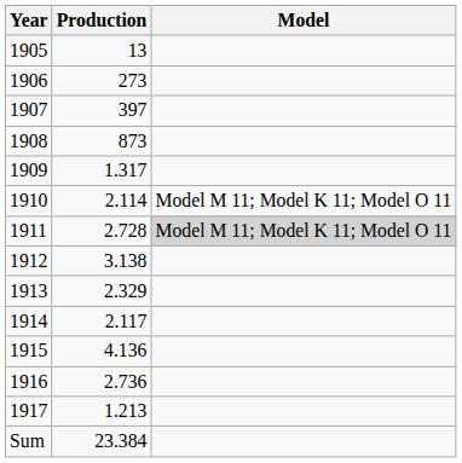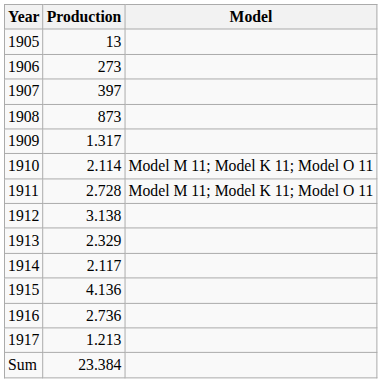 <table class="wikitable sortable">
 <tr>
 <th>Year</th>
 <th>Production</th>
 <th>Model</th>
 </tr>
 <tr>
 <td>1905</td>
 <td align="right">13</td>
 <td></td>
 </tr>
 <tr>
 <td>1906</td>
 <td align="right">273</td>
 <td></td>
 </tr>
 <tr>
 <td>1907</td>
 <td align="right">397</td>
 <td></td>
 </tr>
 <tr>
 <td>1908</td>
 <td align="right">873</td>
 <td></td>
 </tr>
 <tr>
 <td>1909</td>
 <td align="right">1.317</td>
 <td></td>
 </tr>
 <tr>
 <td>1910</td>
 <td align="right">2.114</td>
 <td>Model M 11; Model K 11; Model O 11 </td>
 </tr>
 <tr>
 <td>1911</td>
 <td align="right">2.728</td>
-<td style="background: lightgrey;">Model M 11; Model K 11; Model O 11</td>
+<td>Model M 11; Model K 11; Model O 11</td>
 </tr>
 <tr>
 <td>1912</td>
 <td align="right">3.138</td>
 <td></td>
 </tr>
 <tr>
 <td>1913</td>
 <td align="right">2.329</td>
 <td></td>
 </tr>
 <tr>
 <td>1914</td>
 <td align="right">2.117</td>
 <td></td>
 </tr>
 <tr>
 <td>1915</td>
 <td align="right">4.136</td>
 <td></td>
 </tr>
 <tr>
 <td>1916</td>
 <td align="right">2.736</td>
 <td></td>
 </tr>
 <tr>
 <td>1917</td>
 <td align="right">1.213</td>
 <td></td>
 </tr>
 <tr>
 <td>Sum</td>
 <td align="right">23.384 </td>
 </tr>
 </table>
